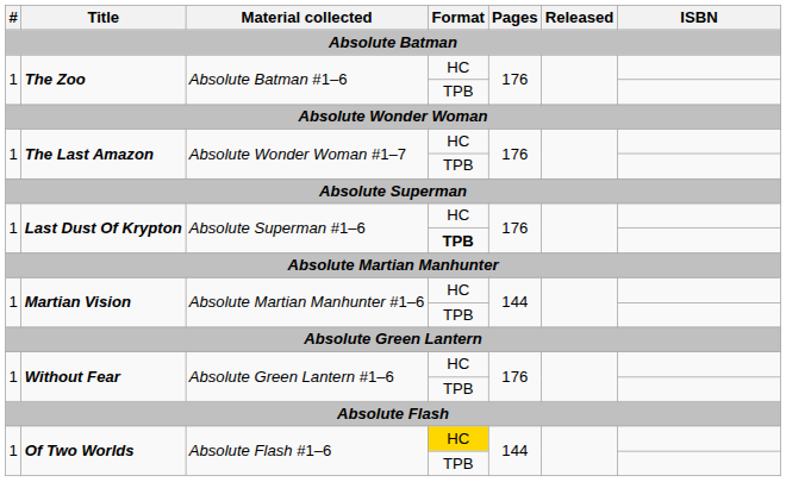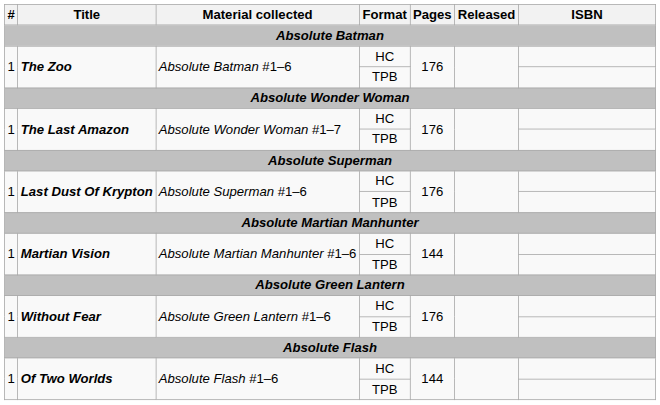 <table class="wikitable">
 <tr>
 <th width="4px">#</th>
 <th>Title</th>
 <th>Material collected</th>
 <th class="unsortable">Format</th>
 <th>Pages</th>
 <th>Released</th>
 <th class="unsortable" style="width: 10em;">ISBN</th>
 </tr>
 <tr>
 <th colspan="7" style="background-color: silver;"><em>Absolute Batman</em></th>
 </tr>
 <tr>
 <td rowspan=2>1</td>
 <td rowspan=2><strong><em>The Zoo</em></strong></td>
 <td rowspan=2><em>Absolute Batman</em> #1–6</td>
 <td style="text-align: center;">HC</td>
 <td rowspan=2 style="text-align: center;">176</td>
 <td rowspan=2></td>
 <td></td>
 </tr>
 <tr>
 <td style="text-align: center;">TPB</td>
 <td></td>
 </tr>
 <tr>
 <th colspan=7 style="background-color: silver;"><em>Absolute Wonder Woman</em></th>
 </tr>
 <tr>
 <td rowspan=2>1</td>
 <td rowspan=2><strong><em>The Last Amazon</em></strong></td>
 <td rowspan=2><em>Absolute Wonder Woman</em> #1–7</td>
 <td style="text-align: center;">HC</td>
 <td rowspan=2 style="text-align: center;">176</td>
 <td rowspan=2></td>
 <td></td>
 </tr>
 <tr>
 <td style="text-align: center;">TPB</td>
 <td></td>
 </tr>
 <tr>
 <th colspan=7 style="background-color: silver;"><em>Absolute Superman</em></th>
 </tr>
 <tr>
 <td rowspan=2>1</td>
 <td rowspan=2><strong><em>Last Dust Of Krypton</em></strong></td>
 <td rowspan=2><em>Absolute Superman</em> #1–6</td>
 <td style="text-align: center;">HC</td>
 <td rowspan=2 style="text-align: center;">176</td>
 <td rowspan=2></td>
 <td></td>
 </tr>
 <tr>
-<td style="text-align: center;"><strong>TPB</strong></td>
+<td style="text-align: center;">TPB</td>
 <td></td>
 </tr>
 <tr>
 <th colspan="7" style="background-color: silver;"><em>Absolute Martian Manhunter</em></th>
 </tr>
 <tr>
 <td rowspan=2>1</td>
 <td rowspan=2><strong><em>Martian Vision</em></strong></td>
 <td rowspan=2><em>Absolute Martian Manhunter</em> #1–6</td>
 <td style="text-align: center;">HC</td>
 <td rowspan=2 style="text-align: center;">144</td>
 <td rowspan=2></td>
 <td></td>
 </tr>
 <tr>
 <td style="text-align: center;">TPB</td>
 <td></td>
 </tr>
 <tr>
 <th colspan="7" style="background-color: silver;"><em>Absolute Green Lantern</em></th>
 </tr>
 <tr>
 <td rowspan=2>1</td>
 <td rowspan=2><strong><em>Without Fear</em></strong></td>
 <td rowspan=2><em>Absolute Green Lantern</em> #1–6</td>
 <td style="text-align: center;">HC</td>
 <td rowspan=2 style="text-align: center;">176</td>
 <td rowspan=2></td>
 <td></td>
 </tr>
 <tr>
 <td style="text-align: center;">TPB</td>
 <td></td>
 </tr>
 <tr>
 <th colspan="7" style="background-color: silver;"><em>Absolute Flash</em></th>
 </tr>
 <tr>
 <td rowspan=2>1</td>
 <td rowspan=2><strong><em>Of Two Worlds</em></strong></td>
 <td rowspan=2><em>Absolute Flash</em> #1–6</td>
-<td style="background: gold; text-align: center;">HC</td>
+<td style="text-align: center;">HC</td>
 <td rowspan=2 style="text-align: center;">144</td>
 <td rowspan=2></td>
 <td></td>
 </tr>
 <tr>
 <td style="text-align: center;">TPB</td>
 <td></td>
 </tr>
 </table>
